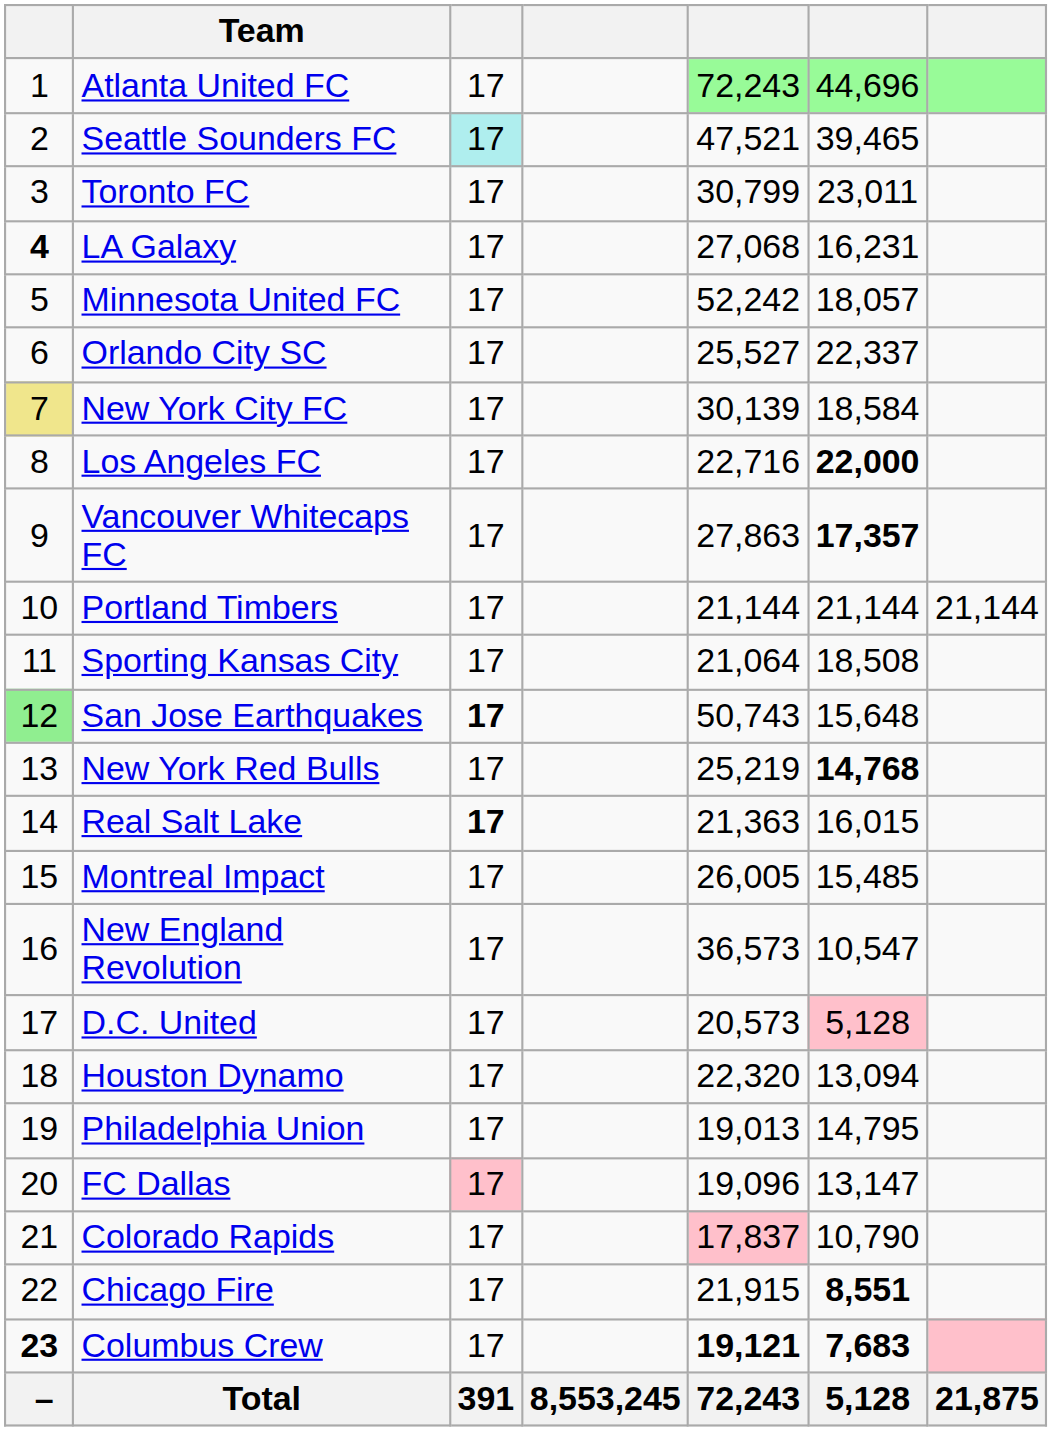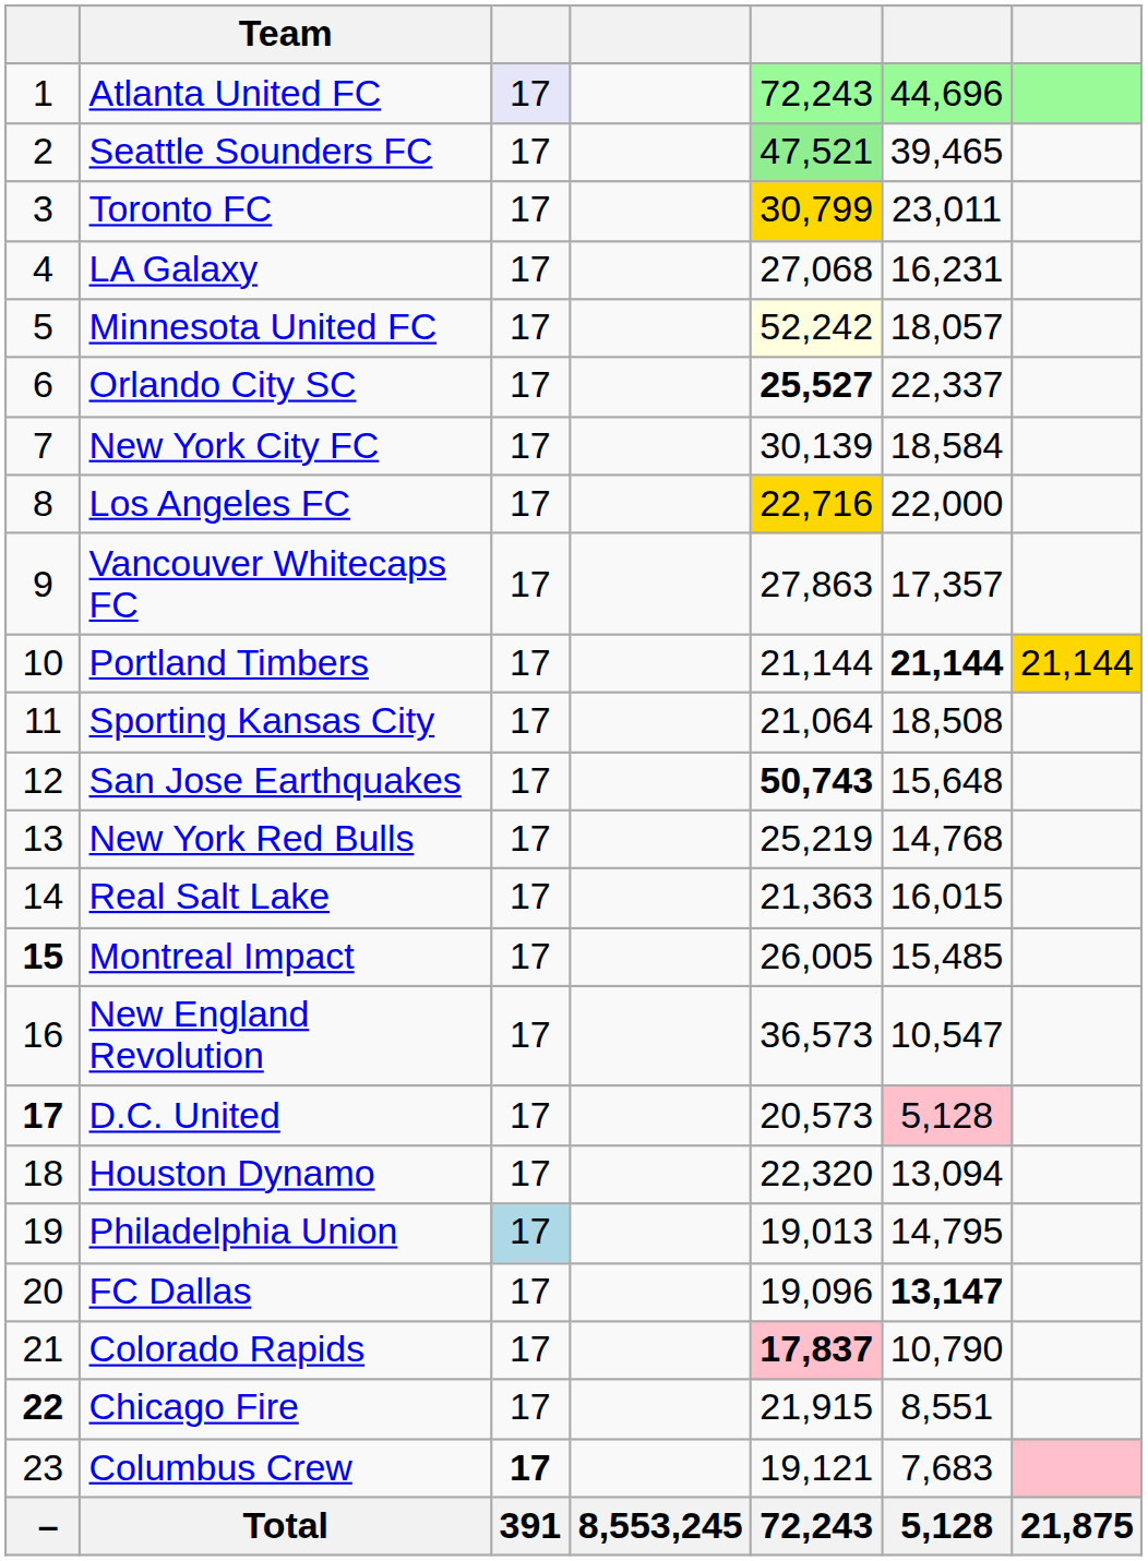 <table class="wikitable sortable">
 <tr>
 <th width=25></th>
 <th width=170>Team</th>
 <th></th>
 <th width=45></th>
 <th width=45></th>
 <th width=45></th>
 <th width=45></th>
 </tr>
 <tr>
 <td align=center>1</td>
 <td><a href='#'>Atlanta United FC</a></td>
-<td align="center">17</td>
+<td align="center" style="background: lavender;">17</td>
 <td align="center"></td>
 <td align="center" bgcolor="#98fb98">72,243</td>
 <td align="center" bgcolor="#98fb98">44,696</td>
 <td align="center" bgcolor="#98fb98"></td>
 </tr>
 <tr>
 <td align=center>2</td>
 <td><a href='#'>Seattle Sounders FC</a></td>
-<td align="center" style="background: paleturquoise;">17</td>
+<td align="center">17</td>
 <td align="center"></td>
-<td align="center">47,521</td>
+<td align="center" style="background: lightgreen;">47,521</td>
 <td align="center">39,465</td>
 <td align="center"></td>
 </tr>
 <tr>
 <td align=center>3</td>
 <td><a href='#'>Toronto FC</a></td>
 <td align="center">17</td>
 <td align="center"></td>
-<td align="center">30,799</td>
+<td align="center" style="background: gold;">30,799</td>
 <td align="center">23,011</td>
 <td align="center"></td>
 </tr>
 <tr>
-<td align=center><strong>4</strong></td>
+<td align=center>4</td>
 <td><a href='#'>LA Galaxy</a></td>
 <td align="center">17</td>
 <td align="center"></td>
 <td align="center">27,068</td>
 <td align="center">16,231</td>
 <td align="center"></td>
 </tr>
 <tr>
 <td align=center>5</td>
 <td><a href='#'>Minnesota United FC</a></td>
 <td align="center">17</td>
 <td align="center"></td>
-<td align="center">52,242</td>
+<td align="center" style="background: lightyellow;">52,242</td>
 <td align="center">18,057</td>
 <td align="center"></td>
 </tr>
 <tr>
 <td align=center>6</td>
 <td><a href='#'>Orlando City SC</a></td>
 <td align="center">17</td>
 <td align="center"></td>
-<td align="center">25,527</td>
+<td align="center"><strong>25,527</strong></td>
 <td align="center">22,337</td>
 <td align="center"></td>
 </tr>
 <tr>
-<td align=center style="background: khaki;">7</td>
+<td align=center>7</td>
 <td><a href='#'>New York City FC</a></td>
 <td align="center">17</td>
 <td align="center"></td>
 <td align="center">30,139</td>
 <td align="center">18,584</td>
 <td align="center"></td>
 </tr>
 <tr>
 <td align=center>8</td>
 <td><a href='#'>Los Angeles FC</a></td>
 <td align="center">17</td>
 <td align="center"></td>
-<td align="center">22,716</td>
-<td align="center"><strong>22,000</strong></td>
+<td align="center" style="background: gold;">22,716</td>
+<td align="center">22,000</td>
 <td align="center"></td>
 </tr>
 <tr>
 <td align=center>9</td>
 <td><a href='#'>Vancouver Whitecaps FC</a></td>
 <td align="center">17</td>
 <td align="center"></td>
 <td align="center">27,863</td>
-<td align="center"><strong>17,357</strong></td>
+<td align="center">17,357</td>
 <td align="center"></td>
 </tr>
 <tr>
 <td align=center>10</td>
 <td><a href='#'>Portland Timbers</a></td>
 <td align="center">17</td>
 <td align="center"></td>
 <td align="center">21,144</td>
-<td align="center">21,144</td>
-<td align="center">21,144</td>
+<td align="center"><strong>21,144</strong></td>
+<td align="center" style="background: gold;">21,144</td>
 </tr>
 <tr>
 <td align=center>11</td>
 <td><a href='#'>Sporting Kansas City</a></td>
 <td align="center">17</td>
 <td align="center"></td>
 <td align="center">21,064</td>
 <td align="center">18,508</td>
 <td align="center"></td>
 </tr>
 <tr>
-<td align=center style="background: lightgreen;">12</td>
+<td align=center>12</td>
 <td><a href='#'>San Jose Earthquakes</a></td>
-<td align="center"><strong>17</strong></td>
+<td align="center">17</td>
 <td align="center"></td>
-<td align="center">50,743</td>
+<td align="center"><strong>50,743</strong></td>
 <td align="center">15,648</td>
 <td align="center"></td>
 </tr>
 <tr>
 <td align=center>13</td>
 <td><a href='#'>New York Red Bulls</a></td>
 <td align="center">17</td>
 <td align="center"></td>
 <td align="center">25,219</td>
-<td align="center"><strong>14,768</strong></td>
+<td align="center">14,768</td>
 <td align="center"></td>
 </tr>
 <tr>
 <td align=center>14</td>
 <td><a href='#'>Real Salt Lake</a></td>
-<td align="center"><strong>17</strong></td>
+<td align="center">17</td>
 <td align="center"></td>
 <td align="center">21,363</td>
 <td align="center">16,015</td>
 <td align="center"></td>
 </tr>
 <tr>
-<td align=center>15</td>
+<td align=center><strong>15</strong></td>
 <td><a href='#'>Montreal Impact</a></td>
 <td align="center">17</td>
 <td align="center"></td>
 <td align="center">26,005</td>
 <td align="center">15,485</td>
 <td align="center"></td>
 </tr>
 <tr>
 <td align=center>16</td>
 <td><a href='#'>New England Revolution</a></td>
 <td align="center">17</td>
 <td align="center"></td>
 <td align="center">36,573</td>
 <td align="center">10,547</td>
 <td align="center"></td>
 </tr>
 <tr>
-<td align=center>17</td>
+<td align=center><strong>17</strong></td>
 <td><a href='#'>D.C. United</a></td>
 <td align="center">17</td>
 <td align="center"></td>
 <td align="center">20,573</td>
 <td align="center" bgcolor="#ffc0cb">5,128</td>
 <td align="center"></td>
 </tr>
 <tr>
 <td align=center>18</td>
 <td><a href='#'>Houston Dynamo</a></td>
 <td align="center">17</td>
 <td align="center"></td>
 <td align="center">22,320</td>
 <td align="center">13,094</td>
 <td align="center"></td>
 </tr>
 <tr>
 <td align=center>19</td>
 <td><a href='#'>Philadelphia Union</a></td>
-<td align="center">17</td>
+<td align="center" style="background: lightblue;">17</td>
 <td align="center"></td>
 <td align="center">19,013</td>
 <td align="center">14,795</td>
 <td align="center"></td>
 </tr>
 <tr>
 <td align=center>20</td>
 <td><a href='#'>FC Dallas</a></td>
-<td align="center" style="background: pink;">17</td>
+<td align="center">17</td>
 <td align="center"></td>
 <td align="center">19,096</td>
-<td align="center">13,147</td>
+<td align="center"><strong>13,147</strong></td>
 <td align="center"></td>
 </tr>
 <tr>
 <td align=center>21</td>
 <td><a href='#'>Colorado Rapids</a></td>
 <td align="center">17</td>
 <td align="center"></td>
-<td align="center" bgcolor="#ffc0cb">17,837</td>
+<td align="center" bgcolor="#ffc0cb"><strong>17,837</strong></td>
 <td align="center">10,790</td>
 <td align="center"></td>
 </tr>
 <tr>
-<td align=center>22</td>
+<td align=center><strong>22</strong></td>
 <td><a href='#'>Chicago Fire</a></td>
 <td align="center">17</td>
 <td align="center"></td>
 <td align="center">21,915</td>
-<td align="center"><strong>8,551</strong></td>
+<td align="center">8,551</td>
 <td align="center"></td>
 </tr>
 <tr>
-<td align=center><strong>23</strong></td>
+<td align=center>23</td>
 <td><a href='#'>Columbus Crew</a></td>
-<td align="center">17</td>
+<td align="center"><strong>17</strong></td>
 <td align="center"></td>
-<td align="center"><strong>19,121</strong></td>
-<td align="center"><strong>7,683</strong></td>
+<td align="center">19,121</td>
+<td align="center">7,683</td>
 <td align="center" bgcolor="#ffc0cb"></td>
 </tr>
 <tr>
 <th align=center> –</th>
 <th>Total</th>
 <th align=center>391</th>
 <th align=center>8,553,245</th>
 <th align=center>72,243</th>
 <th align=center>5,128</th>
 <th align=center>21,875</th>
 </tr>
 </table>
